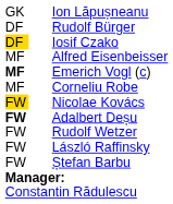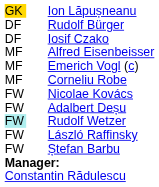 <table style="font-size: 90%" cellspacing="0" cellpadding="0" align=center>
 <tr>
 <th width="25"></th>
 <th width="25"></th>
 </tr>
 <tr>
-<td>GK</td>
+<td style="background: gold;">GK</td>
 <td></td>
 <td><a href='#'>Ion Lăpușneanu</a></td>
 </tr>
 <tr>
 <td>DF</td>
 <td></td>
 <td><a href='#'>Rudolf Bürger</a></td>
 </tr>
 <tr>
-<td style="background: gold;">DF</td>
+<td>DF</td>
 <td></td>
 <td><a href='#'>Iosif Czako</a></td>
 </tr>
 <tr>
 <td>MF</td>
 <td></td>
 <td><a href='#'>Alfred Eisenbeisser</a></td>
 </tr>
 <tr>
-<td><strong>MF</strong></td>
+<td>MF</td>
 <td></td>
 <td><a href='#'>Emerich Vogl</a> (<a href='#'>c</a>)</td>
 </tr>
 <tr>
 <td>MF</td>
 <td></td>
 <td><a href='#'>Corneliu Robe</a></td>
 </tr>
 <tr>
-<td style="background: gold;">FW</td>
+<td>FW</td>
 <td></td>
 <td><a href='#'>Nicolae Kovács</a></td>
 </tr>
 <tr>
-<td><strong>FW</strong></td>
+<td>FW</td>
 <td></td>
 <td><a href='#'>Adalbert Deșu</a></td>
 </tr>
 <tr>
-<td>FW</td>
+<td style="background: paleturquoise;">FW</td>
 <td></td>
 <td><a href='#'>Rudolf Wetzer</a></td>
 </tr>
 <tr>
 <td>FW</td>
 <td></td>
 <td><a href='#'>László Raffinsky</a></td>
 </tr>
 <tr>
 <td>FW</td>
 <td></td>
 <td><a href='#'>Ștefan Barbu</a></td>
 </tr>
 <tr>
 <td colspan=3><strong>Manager:</strong></td>
 </tr>
 <tr>
 <td colspan=4><a href='#'>Constantin Rădulescu</a></td>
 </tr>
 </table>
